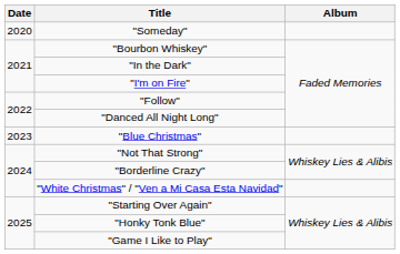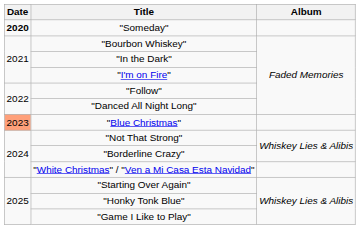 <table class="wikitable plainrowheaders" style="text-align:center;">
 <tr>
 <th scope="col">Date</th>
 <th scope="col">Title</th>
 <th scope="col">Album</th>
 </tr>
 <tr>
-<td>2020</td>
+<td><strong>2020</strong></td>
 <td>"Someday"</td>
 <td></td>
 </tr>
 <tr>
 <td rowspan=3>2021</td>
 <td>"Bourbon Whiskey"</td>
 <td rowspan=5><em>Faded Memories</em></td>
 </tr>
 <tr>
 <td>"In the Dark"</td>
 </tr>
 <tr>
 <td>"<a href='#'>I'm on Fire</a>"</td>
 </tr>
 <tr>
 <td rowspan=2>2022</td>
 <td>"Follow"</td>
 </tr>
 <tr>
 <td>"Danced All Night Long"</td>
 </tr>
 <tr>
-<td>2023</td>
+<td style="background: lightsalmon;">2023</td>
 <td>"<a href='#'>Blue Christmas</a>"</td>
 <td></td>
 </tr>
 <tr>
 <td rowspan=3>2024</td>
 <td>"Not That Strong"</td>
 <td rowspan=2><em>Whiskey Lies & Alibis</em></td>
 </tr>
 <tr>
 <td>"Borderline Crazy"</td>
 </tr>
 <tr>
 <td>"<a href='#'>White Christmas</a>" / "<a href='#'>Ven a Mi Casa Esta Navidad</a>"</td>
 <td></td>
 </tr>
 <tr>
 <td rowspan=3>2025</td>
 <td>"Starting Over Again"</td>
 <td rowspan=3><em>Whiskey Lies & Alibis</em></td>
 </tr>
 <tr>
 <td>"Honky Tonk Blue"</td>
 </tr>
 <tr>
 <td>"Game I Like to Play"</td>
 </tr>
 </table>
